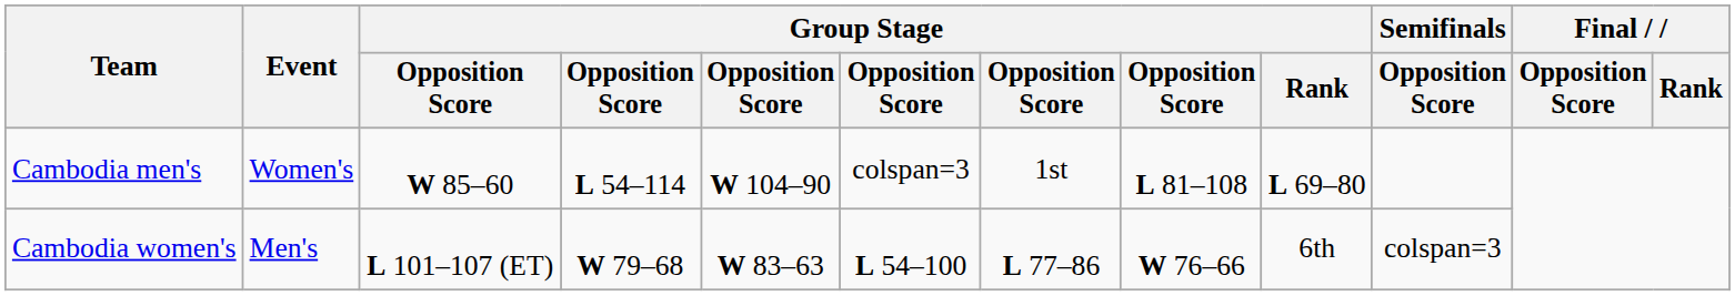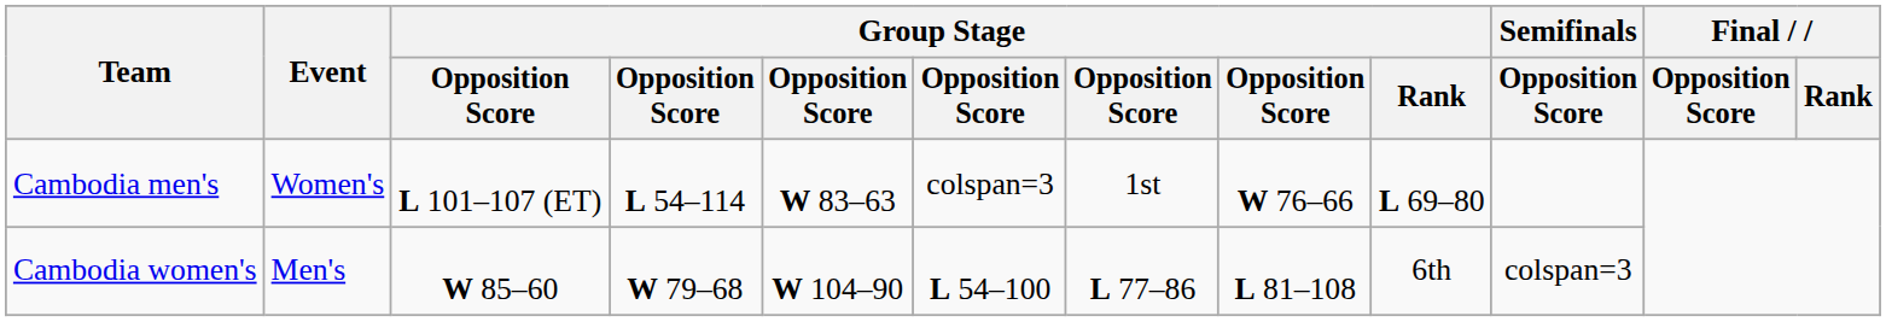 <table class="wikitable" style="font-size:90%">
 <tr>
 <th rowspan=2>Team</th>
 <th rowspan=2>Event</th>
 <th colspan=7>Group Stage</th>
 <th>Semifinals</th>
 <th colspan=2>Final /  / </th>
 </tr>
 <tr style="font-size:95%">
 <th>Opposition<br>Score</th>
 <th>Opposition<br>Score</th>
 <th>Opposition<br>Score</th>
 <th>Opposition<br>Score</th>
 <th>Opposition<br>Score</th>
 <th>Opposition<br>Score</th>
 <th>Rank</th>
 <th>Opposition<br>Score</th>
 <th>Opposition<br>Score</th>
 <th>Rank</th>
 </tr>
 <tr align=center>
 <td align=left><a href='#'>Cambodia men's</a></td>
 <td align=left><a href='#'>Women's</a></td>
-<td><br> <strong>W</strong> 85–60</td>
+<td align=center><br> <strong>L</strong> 101–107 (ET)</td>
 <td align=center><br> <strong>L</strong> 54–114</td>
-<td><br> <strong>W</strong> 104–90</td>
+<td align=center><br><strong>W</strong> 83–63</td>
 <td>colspan=3 </td>
 <td>1st</td>
-<td align=center><br> <strong>L</strong> 81–108</td>
+<td><br> <strong>W</strong> 76–66</td>
 <td><br> <strong>L</strong> 69–80</td>
 <td></td>
 </tr>
 <tr align=center>
 <td align=left><a href='#'>Cambodia women's</a></td>
 <td align=left><a href='#'>Men's</a></td>
-<td align=center><br> <strong>L</strong> 101–107 (ET)</td>
+<td><br> <strong>W</strong> 85–60</td>
 <td><br> <strong>W</strong> 79–68</td>
-<td align=center><br><strong>W</strong> 83–63</td>
+<td><br> <strong>W</strong> 104–90</td>
 <td align=center><br>  <strong>L</strong> 54–100</td>
 <td align=center><br>  <strong>L</strong> 77–86</td>
-<td><br> <strong>W</strong> 76–66</td>
+<td align=center><br> <strong>L</strong> 81–108</td>
 <td>6th</td>
 <td>colspan=3 </td>
 </tr>
 </table>
